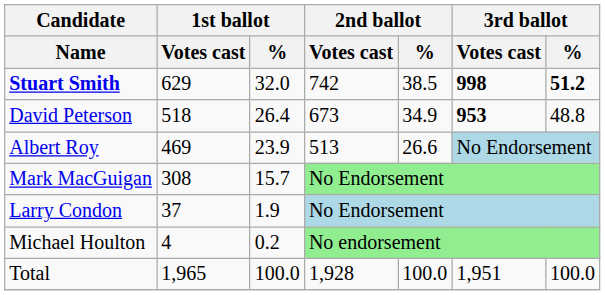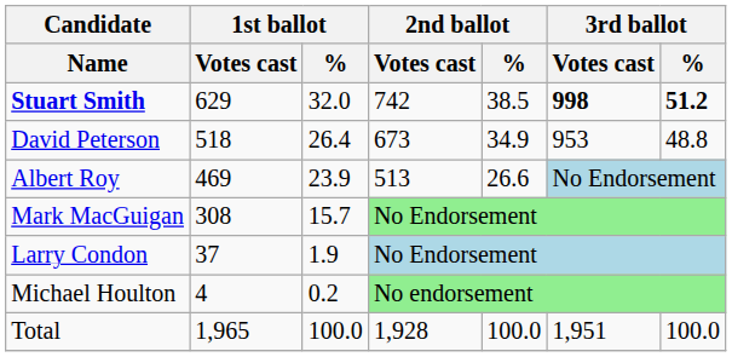 <table class="wikitable">
 <tr>
 <th colspan = "1">Candidate</th>
 <th colspan = "2">1st ballot</th>
 <th colspan = "2">2nd ballot</th>
 <th colspan = "2">3rd ballot</th>
 </tr>
 <tr>
 <th>Name</th>
 <th>Votes cast</th>
 <th>%</th>
 <th>Votes cast</th>
 <th>%</th>
 <th>Votes cast</th>
 <th>%</th>
 </tr>
 <tr>
 <td><strong><a href='#'>Stuart Smith</a></strong></td>
 <td>629</td>
 <td>32.0</td>
 <td>742</td>
 <td>38.5</td>
 <td><strong>998</strong></td>
 <td><strong>51.2</strong></td>
 </tr>
 <tr>
 <td><a href='#'>David Peterson</a></td>
 <td>518</td>
 <td>26.4</td>
 <td>673</td>
 <td>34.9</td>
-<td><strong>953</strong></td>
+<td>953</td>
 <td>48.8</td>
 </tr>
 <tr>
 <td><a href='#'>Albert Roy</a></td>
 <td>469</td>
 <td>23.9</td>
 <td>513</td>
 <td>26.6</td>
 <td style="text-align:left;background:lightblue" colspan = "2">No Endorsement</td>
 </tr>
 <tr>
 <td><a href='#'>Mark MacGuigan</a></td>
 <td>308</td>
 <td>15.7</td>
 <td style="text-align:left;background:lightgreen" colspan = "4">No Endorsement</td>
 </tr>
 <tr>
 <td><a href='#'>Larry Condon</a></td>
 <td>37</td>
 <td>1.9</td>
 <td style="text-align:left;background:lightblue" colspan = "4">No Endorsement</td>
 </tr>
 <tr>
 <td>Michael Houlton</td>
 <td>4</td>
 <td>0.2</td>
 <td style="text-align:left;background:lightgreen" colspan = "4">No endorsement</td>
 </tr>
 <tr>
 <td>Total</td>
 <td>1,965</td>
 <td>100.0</td>
 <td>1,928</td>
 <td>100.0</td>
 <td>1,951</td>
 <td>100.0</td>
 </tr>
 <tr>
 </tr>
 </table>
